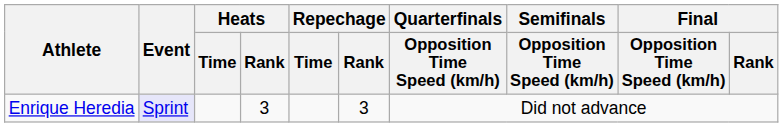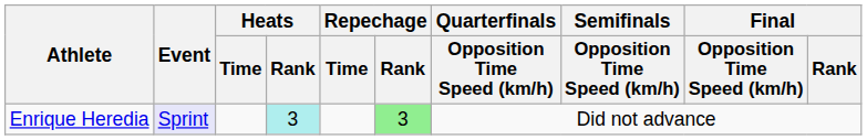 <table class="wikitable" style="font-size:90%;">
 <tr>
 <th rowspan=2>Athlete</th>
 <th rowspan=2>Event</th>
 <th colspan=2>Heats</th>
 <th colspan=2>Repechage</th>
 <th>Quarterfinals</th>
 <th>Semifinals</th>
 <th colspan=2>Final</th>
 </tr>
 <tr style="font-size:95%">
 <th>Time</th>
 <th>Rank</th>
 <th>Time</th>
 <th>Rank</th>
 <th>Opposition<br>Time<br>Speed (km/h)</th>
 <th>Opposition<br>Time<br>Speed (km/h)</th>
 <th>Opposition<br>Time<br>Speed (km/h)</th>
 <th>Rank</th>
 </tr>
 <tr align=center>
 <td align=left><a href='#'>Enrique Heredia</a></td>
 <td align=left style="background: lavender;"><a href='#'>Sprint</a></td>
 <td></td>
-<td>3</td>
+<td style="background: paleturquoise;">3</td>
 <td></td>
-<td>3</td>
+<td style="background: lightgreen;">3</td>
 <td colspan=4>Did not advance</td>
 </tr>
 </table>
